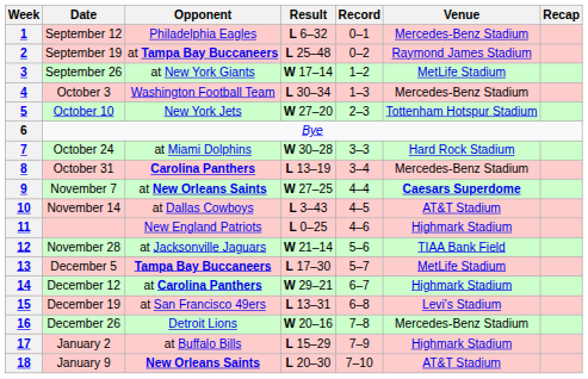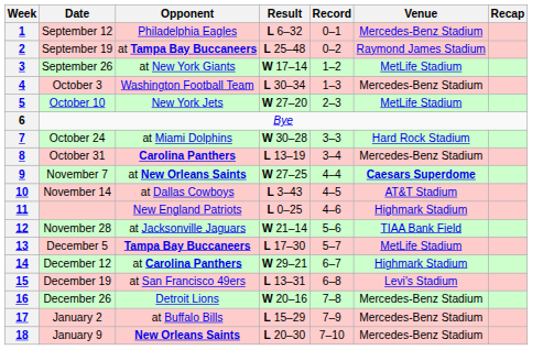 <table class="wikitable" style="text-align:center">
 <tr>
 <th>Week</th>
 <th>Date</th>
 <th>Opponent</th>
 <th>Result</th>
 <th>Record</th>
 <th>Venue</th>
 <th>Recap</th>
 </tr>
 <tr style="background:#fcc">
 <th><a href='#'>1</a></th>
 <td>September 12</td>
 <td><a href='#'>Philadelphia Eagles</a></td>
 <td><strong>L</strong> 6–32</td>
 <td>0–1</td>
 <td><a href='#'>Mercedes-Benz Stadium</a></td>
 <td></td>
 </tr>
 <tr style="background:#fcc">
 <th><a href='#'>2</a></th>
 <td>September 19</td>
 <td>at <strong><a href='#'>Tampa Bay Buccaneers</a></strong></td>
 <td><strong>L</strong> 25–48</td>
 <td>0–2</td>
 <td><a href='#'>Raymond James Stadium</a></td>
 <td></td>
 </tr>
 <tr style="background:#cfc">
 <th><a href='#'>3</a></th>
 <td>September 26</td>
 <td>at <a href='#'>New York Giants</a></td>
 <td><strong>W</strong> 17–14</td>
 <td>1–2</td>
 <td><a href='#'>MetLife Stadium</a></td>
 <td></td>
 </tr>
 <tr style="background:#fcc">
 <th><a href='#'>4</a></th>
 <td>October 3</td>
 <td><a href='#'>Washington Football Team</a></td>
 <td><strong>L</strong> 30–34</td>
 <td>1–3</td>
 <td>Mercedes-Benz Stadium</td>
 <td></td>
 </tr>
 <tr style="background:#cfc">
 <th><a href='#'>5</a></th>
 <td><a href='#'>October 10</a></td>
 <td><a href='#'>New York Jets</a></td>
 <td><strong>W</strong> 27–20</td>
 <td>2–3</td>
-<td> <a href='#'>Tottenham Hotspur Stadium</a> </td>
+<td><a href='#'>MetLife Stadium</a></td>
 <td></td>
 </tr>
 <tr>
 <th>6</th>
 <td colspan="6"><em><a href='#'>Bye</a></em></td>
 </tr>
 <tr style="background:#cfc">
 <th><a href='#'>7</a></th>
 <td>October 24</td>
 <td>at <a href='#'>Miami Dolphins</a></td>
 <td><strong>W</strong> 30–28</td>
 <td>3–3</td>
 <td><a href='#'>Hard Rock Stadium</a></td>
 <td></td>
 </tr>
 <tr style="background:#fcc">
 <th><a href='#'>8</a></th>
 <td>October 31</td>
 <td><strong> <a href='#'>Carolina Panthers</a></strong></td>
 <td><strong>L</strong> 13–19</td>
 <td>3–4</td>
 <td>Mercedes-Benz Stadium</td>
 <td></td>
 </tr>
 <tr style="background:#cfc">
 <th><a href='#'>9</a></th>
 <td>November 7</td>
 <td>at <strong><a href='#'>New Orleans Saints</a></strong></td>
 <td><strong>W</strong> 27–25</td>
 <td>4–4</td>
 <td><strong><a href='#'>Caesars Superdome</a></strong></td>
 <td></td>
 </tr>
 <tr style="background:#fcc">
 <th><a href='#'>10</a></th>
 <td>November 14</td>
 <td>at <a href='#'>Dallas Cowboys</a></td>
 <td><strong>L</strong> 3–43</td>
 <td>4–5</td>
 <td><a href='#'>AT&T Stadium</a></td>
 <td></td>
 </tr>
 <tr style="background:#fcc">
 <th><a href='#'>11</a></th>
 <td></td>
 <td><a href='#'>New England Patriots</a></td>
 <td><strong>L</strong> 0–25</td>
 <td>4–6</td>
 <td><a href='#'>Highmark Stadium</a></td>
 <td></td>
 </tr>
 <tr style="background:#cfc">
 <th><a href='#'>12</a></th>
 <td>November 28</td>
 <td>at <a href='#'>Jacksonville Jaguars</a></td>
 <td><strong>W</strong> 21–14</td>
 <td>5–6</td>
 <td><a href='#'>TIAA Bank Field</a></td>
 <td></td>
 </tr>
 <tr style="background:#fcc">
 <th><a href='#'>13</a></th>
 <td>December 5</td>
 <td><strong><a href='#'>Tampa Bay Buccaneers</a></strong></td>
 <td><strong>L</strong> 17–30</td>
 <td>5–7</td>
 <td><a href='#'>MetLife Stadium</a></td>
 <td></td>
 </tr>
 <tr style="background:#cfc">
 <th><a href='#'>14</a></th>
 <td>December 12</td>
 <td>at <strong><a href='#'>Carolina Panthers</a></strong></td>
 <td><strong>W</strong> 29–21</td>
 <td>6–7</td>
 <td><a href='#'>Highmark Stadium</a></td>
 <td></td>
 </tr>
 <tr style="background:#fcc">
 <th><a href='#'>15</a></th>
 <td>December 19</td>
 <td>at <a href='#'>San Francisco 49ers</a></td>
 <td><strong>L</strong> 13–31</td>
 <td>6–8</td>
 <td><a href='#'>Levi's Stadium</a></td>
 <td></td>
 </tr>
 <tr style="background:#cfc">
 <th><a href='#'>16</a></th>
 <td>December 26</td>
 <td><a href='#'>Detroit Lions</a></td>
 <td><strong>W</strong> 20–16</td>
 <td>7–8</td>
 <td>Mercedes-Benz Stadium</td>
 <td></td>
 </tr>
 <tr style="background:#fcc">
 <th><a href='#'>17</a></th>
 <td>January 2</td>
 <td>at <a href='#'>Buffalo Bills</a></td>
 <td><strong>L</strong> 15–29</td>
 <td>7–9</td>
-<td><a href='#'>Highmark Stadium</a></td>
+<td>Mercedes-Benz Stadium</td>
 <td></td>
 </tr>
 <tr style="background:#fcc">
 <th><a href='#'>18</a></th>
 <td>January 9</td>
 <td><strong><a href='#'>New Orleans Saints</a></strong></td>
 <td><strong>L</strong> 20–30</td>
 <td>7–10</td>
-<td><a href='#'>AT&T Stadium</a></td>
+<td>Mercedes-Benz Stadium</td>
 <td></td>
 </tr>
 </table>
